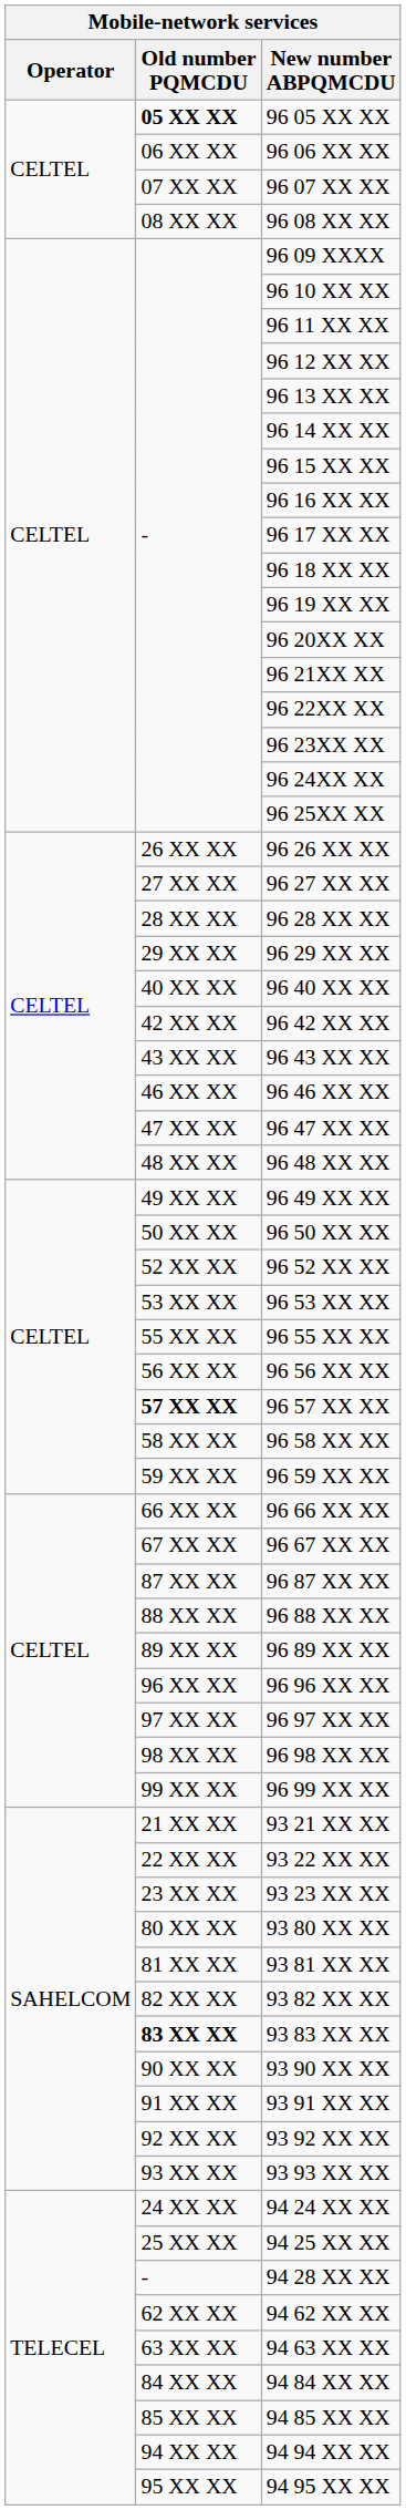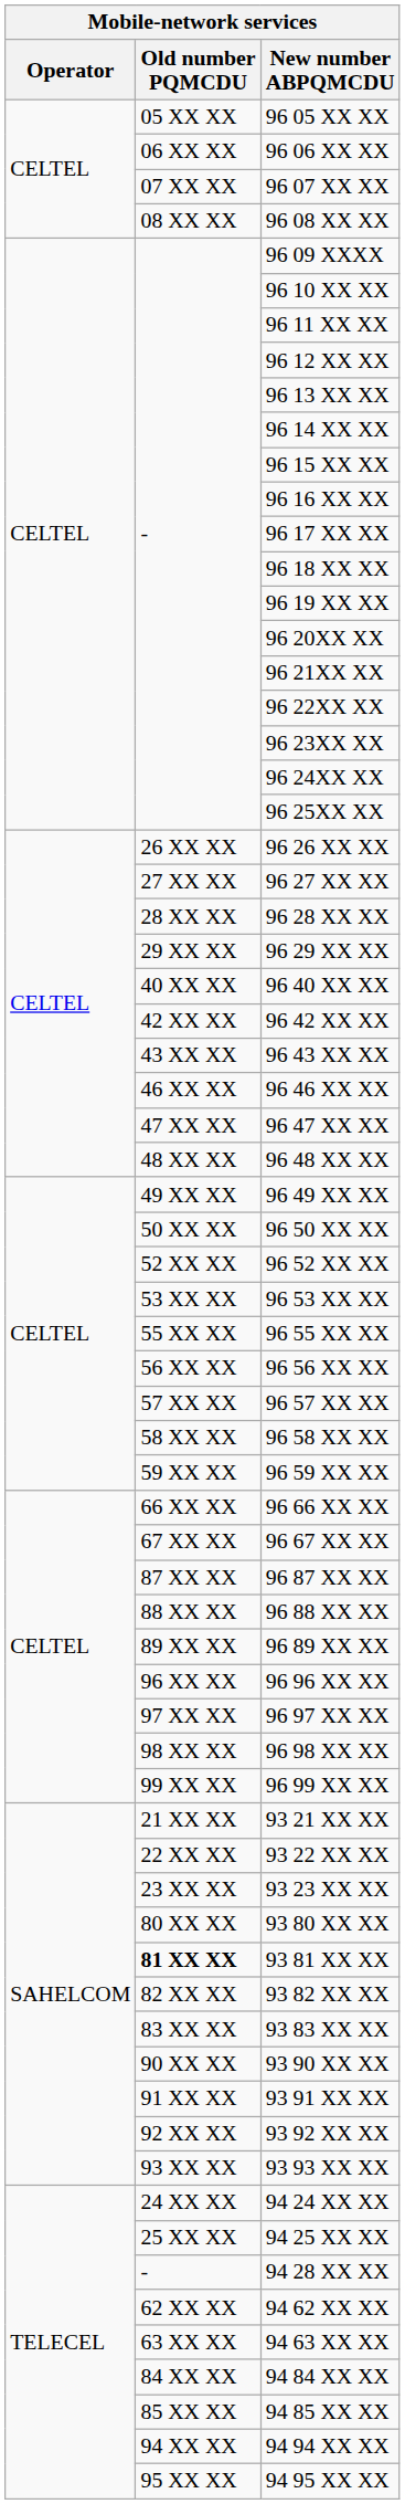 <table class="wikitable" border=1>
 <tr>
 <th colspan="3">Mobile-network services</th>
 </tr>
 <tr>
 <th>Operator</th>
 <th>Old number<br>PQMCDU</th>
 <th>New number<br>ABPQMCDU</th>
 </tr>
 <tr>
 <td rowspan="4">CELTEL</td>
-<td><strong>05 XX XX</strong></td>
+<td>05 XX XX</td>
 <td>96 05 XX XX</td>
 </tr>
 <tr>
 <td>06 XX XX</td>
 <td>96 06 XX XX</td>
 </tr>
 <tr>
 <td>07 XX XX</td>
 <td>96 07 XX XX</td>
 </tr>
 <tr>
 <td>08 XX XX</td>
 <td>96 08 XX XX</td>
 </tr>
 <tr>
 <td rowspan="17">CELTEL</td>
 <td rowspan="17">-</td>
 <td>96 09 XXXX</td>
 </tr>
 <tr>
 <td>96 10 XX XX</td>
 </tr>
 <tr>
 <td>96 11 XX XX</td>
 </tr>
 <tr>
 <td>96 12 XX XX</td>
 </tr>
 <tr>
 <td>96 13 XX XX</td>
 </tr>
 <tr>
 <td>96 14 XX XX</td>
 </tr>
 <tr>
 <td>96 15 XX XX</td>
 </tr>
 <tr>
 <td>96 16 XX XX</td>
 </tr>
 <tr>
 <td>96 17 XX XX</td>
 </tr>
 <tr>
 <td>96 18 XX XX</td>
 </tr>
 <tr>
 <td>96 19 XX XX</td>
 </tr>
 <tr>
 <td>96 20XX XX</td>
 </tr>
 <tr>
 <td>96 21XX XX</td>
 </tr>
 <tr>
 <td>96 22XX XX</td>
 </tr>
 <tr>
 <td>96 23XX XX</td>
 </tr>
 <tr>
 <td>96 24XX XX</td>
 </tr>
 <tr>
 <td>96 25XX XX</td>
 </tr>
 <tr>
 <td rowspan="10"><a href='#'>CELTEL</a></td>
 <td>26 XX XX</td>
 <td>96 26 XX XX</td>
 </tr>
 <tr>
 <td>27 XX XX</td>
 <td>96 27 XX XX</td>
 </tr>
 <tr>
 <td>28 XX XX</td>
 <td>96 28 XX XX</td>
 </tr>
 <tr>
 <td>29 XX XX</td>
 <td>96 29 XX XX</td>
 </tr>
 <tr>
 <td>40 XX XX</td>
 <td>96 40 XX XX</td>
 </tr>
 <tr>
 <td>42 XX XX</td>
 <td>96 42 XX XX</td>
 </tr>
 <tr>
 <td>43 XX XX</td>
 <td>96 43 XX XX</td>
 </tr>
 <tr>
 <td>46 XX XX</td>
 <td>96 46 XX XX</td>
 </tr>
 <tr>
 <td>47 XX XX</td>
 <td>96 47 XX XX</td>
 </tr>
 <tr>
 <td>48 XX XX</td>
 <td>96 48 XX XX</td>
 </tr>
 <tr>
 <td rowspan="9">CELTEL</td>
 <td>49 XX XX</td>
 <td>96 49 XX XX</td>
 </tr>
 <tr>
 <td>50 XX XX</td>
 <td>96 50 XX XX</td>
 </tr>
 <tr>
 <td>52 XX XX</td>
 <td>96 52 XX XX</td>
 </tr>
 <tr>
 <td>53 XX XX</td>
 <td>96 53 XX XX</td>
 </tr>
 <tr>
 <td>55 XX XX</td>
 <td>96 55 XX XX</td>
 </tr>
 <tr>
 <td>56 XX XX</td>
 <td>96 56 XX XX</td>
 </tr>
 <tr>
-<td><strong>57 XX XX</strong></td>
+<td>57 XX XX</td>
 <td>96 57 XX XX</td>
 </tr>
 <tr>
 <td>58 XX XX</td>
 <td>96 58 XX XX</td>
 </tr>
 <tr>
 <td>59 XX XX</td>
 <td>96 59 XX XX</td>
 </tr>
 <tr>
 <td rowspan="9">CELTEL</td>
 <td>66 XX XX</td>
 <td>96 66 XX XX</td>
 </tr>
 <tr>
 <td>67 XX XX</td>
 <td>96 67 XX XX</td>
 </tr>
 <tr>
 <td>87 XX XX</td>
 <td>96 87 XX XX</td>
 </tr>
 <tr>
 <td>88 XX XX</td>
 <td>96 88 XX XX</td>
 </tr>
 <tr>
 <td>89 XX XX</td>
 <td>96 89 XX XX</td>
 </tr>
 <tr>
 <td>96 XX XX</td>
 <td>96 96 XX XX</td>
 </tr>
 <tr>
 <td>97 XX XX</td>
 <td>96 97 XX XX</td>
 </tr>
 <tr>
 <td>98 XX XX</td>
 <td>96 98 XX XX</td>
 </tr>
 <tr>
 <td>99 XX XX</td>
 <td>96 99 XX XX</td>
 </tr>
 <tr>
 <td rowspan="11">SAHELCOM</td>
 <td>21 XX XX</td>
 <td>93 21 XX XX</td>
 </tr>
 <tr>
 <td>22 XX XX</td>
 <td>93 22 XX XX</td>
 </tr>
 <tr>
 <td>23 XX XX</td>
 <td>93 23 XX XX</td>
 </tr>
 <tr>
 <td>80 XX XX</td>
 <td>93 80 XX XX</td>
 </tr>
 <tr>
-<td>81 XX XX</td>
+<td><strong>81 XX XX</strong></td>
 <td>93 81 XX XX</td>
 </tr>
 <tr>
 <td>82 XX XX</td>
 <td>93 82 XX XX</td>
 </tr>
 <tr>
-<td><strong>83 XX XX</strong></td>
+<td>83 XX XX</td>
 <td>93 83 XX XX</td>
 </tr>
 <tr>
 <td>90 XX XX</td>
 <td>93 90 XX XX</td>
 </tr>
 <tr>
 <td>91 XX XX</td>
 <td>93 91 XX XX</td>
 </tr>
 <tr>
 <td>92 XX XX</td>
 <td>93 92 XX XX</td>
 </tr>
 <tr>
 <td>93 XX XX</td>
 <td>93 93 XX XX</td>
 </tr>
 <tr>
 <td rowspan="9">TELECEL</td>
 <td>24 XX XX</td>
 <td>94 24 XX XX</td>
 </tr>
 <tr>
 <td>25 XX XX</td>
 <td>94 25 XX XX</td>
 </tr>
 <tr>
 <td>-</td>
 <td>94 28 XX XX</td>
 </tr>
 <tr>
 <td>62 XX XX</td>
 <td>94 62 XX XX</td>
 </tr>
 <tr>
 <td>63 XX XX</td>
 <td>94 63 XX XX</td>
 </tr>
 <tr>
 <td>84 XX XX</td>
 <td>94 84 XX XX</td>
 </tr>
 <tr>
 <td>85 XX XX</td>
 <td>94 85 XX XX</td>
 </tr>
 <tr>
 <td>94 XX XX</td>
 <td>94 94 XX XX</td>
 </tr>
 <tr>
 <td>95 XX XX</td>
 <td>94 95 XX XX</td>
 </tr>
 </table>
